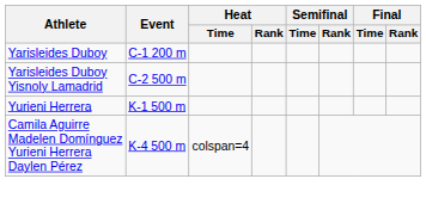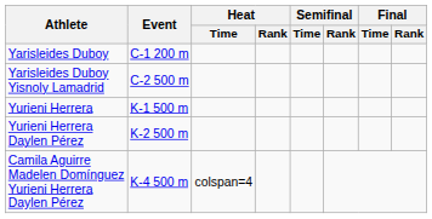 <table class=wikitable style=font-size:90%;text-align:center>
 <tr>
 <th rowspan=2>Athlete</th>
 <th rowspan=2>Event</th>
 <th colspan=2>Heat</th>
 <th colspan=2>Semifinal</th>
 <th colspan=2>Final</th>
 </tr>
 <tr style=font-size:95%>
 <th>Time</th>
 <th>Rank</th>
 <th>Time</th>
 <th>Rank</th>
 <th>Time</th>
 <th>Rank</th>
 </tr>
 <tr>
 <td align=left><a href='#'>Yarisleides Duboy</a></td>
 <td align=left><a href='#'>C-1 200 m</a></td>
 <td></td>
 <td></td>
 <td></td>
 <td></td>
 <td></td>
 <td></td>
 </tr>
 <tr>
 <td align=left><a href='#'>Yarisleides Duboy</a><br><a href='#'>Yisnoly Lamadrid</a></td>
 <td align=left><a href='#'>C-2 500 m</a></td>
 <td></td>
 <td></td>
 <td></td>
 <td></td>
 <td></td>
 <td></td>
 </tr>
 <tr>
 <td align=left><a href='#'>Yurieni Herrera</a></td>
 <td align=left><a href='#'>K-1 500 m</a></td>
 <td></td>
 <td></td>
 <td></td>
 <td></td>
 <td></td>
 <td></td>
 </tr>
 <tr>
+<td align=left><a href='#'>Yurieni Herrera</a><br><a href='#'>Daylen Pérez</a></td>
+<td align=left><a href='#'>K-2 500 m</a></td>
+<td></td>
+<td></td>
+<td></td>
+<td></td>
+<td></td>
+<td></td>
+</tr>
+<tr>
 <td align=left><a href='#'>Camila Aguirre</a><br><a href='#'>Madelen Domínguez</a><br><a href='#'>Yurieni Herrera</a><br><a href='#'>Daylen Pérez</a></td>
 <td align=left><a href='#'>K-4 500 m</a></td>
 <td>colspan=4 </td>
 <td></td>
 <td></td>
 </tr>
 </table>
